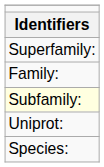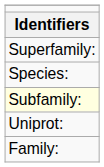 <table style="float:right"; class="wikitable";>
 <tr>
 </tr>
 <tr>
 <td></td>
 </tr>
 <tr>
 <th>Identifiers</th>
 </tr>
 <tr>
 <td>Superfamily: </td>
 </tr>
 <tr>
-<td>Family: </td>
+<td>Species: </td>
 </tr>
 <tr>
 <td style="background: lightyellow;">Subfamily: </td>
 </tr>
 <tr>
 <td>Uniprot: </td>
 </tr>
 <tr>
-<td>Species: </td>
+<td>Family: </td>
 </tr>
 </table>
